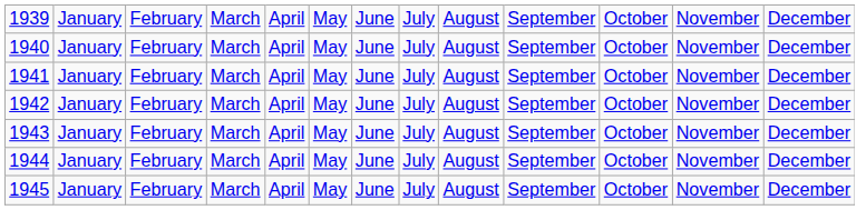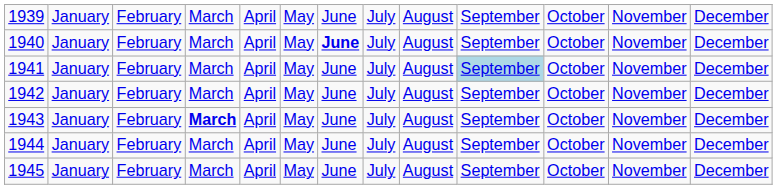 <table class="wikitable">
 <tr>
 <td><a href='#'>1939</a></td>
 <td><a href='#'>January</a></td>
 <td><a href='#'>February</a></td>
 <td><a href='#'>March</a></td>
 <td><a href='#'>April</a></td>
 <td><a href='#'>May</a></td>
 <td><a href='#'>June</a></td>
 <td><a href='#'>July</a></td>
 <td><a href='#'>August</a></td>
 <td><a href='#'>September</a></td>
 <td><a href='#'>October</a></td>
 <td><a href='#'>November</a></td>
 <td><a href='#'>December</a></td>
 </tr>
 <tr>
 <td><a href='#'>1940</a></td>
 <td><a href='#'>January</a></td>
 <td><a href='#'>February</a></td>
 <td><a href='#'>March</a></td>
 <td><a href='#'>April</a></td>
 <td><a href='#'>May</a></td>
-<td><a href='#'>June</a></td>
+<td><strong><a href='#'>June</a></strong></td>
 <td><a href='#'>July</a></td>
 <td><a href='#'>August</a></td>
 <td><a href='#'>September</a></td>
 <td><a href='#'>October</a></td>
 <td><a href='#'>November</a></td>
 <td><a href='#'>December</a></td>
 </tr>
 <tr>
 <td><a href='#'>1941</a></td>
 <td><a href='#'>January</a></td>
 <td><a href='#'>February</a></td>
 <td><a href='#'>March</a></td>
 <td><a href='#'>April</a></td>
 <td><a href='#'>May</a></td>
 <td><a href='#'>June</a></td>
 <td><a href='#'>July</a></td>
 <td><a href='#'>August</a></td>
-<td><a href='#'>September</a></td>
+<td style="background: lightblue;"><a href='#'>September</a></td>
 <td><a href='#'>October</a></td>
 <td><a href='#'>November</a></td>
 <td><a href='#'>December</a></td>
 </tr>
 <tr>
 <td><a href='#'>1942</a></td>
 <td><a href='#'>January</a></td>
 <td><a href='#'>February</a></td>
 <td><a href='#'>March</a></td>
 <td><a href='#'>April</a></td>
 <td><a href='#'>May</a></td>
 <td><a href='#'>June</a></td>
 <td><a href='#'>July</a></td>
 <td><a href='#'>August</a></td>
 <td><a href='#'>September</a></td>
 <td><a href='#'>October</a></td>
 <td><a href='#'>November</a></td>
 <td><a href='#'>December</a></td>
 </tr>
 <tr>
 <td><a href='#'>1943</a></td>
 <td><a href='#'>January</a></td>
 <td><a href='#'>February</a></td>
-<td><a href='#'>March</a></td>
+<td><strong><a href='#'>March</a></strong></td>
 <td><a href='#'>April</a></td>
 <td><a href='#'>May</a></td>
 <td><a href='#'>June</a></td>
 <td><a href='#'>July</a></td>
 <td><a href='#'>August</a></td>
 <td><a href='#'>September</a></td>
 <td><a href='#'>October</a></td>
 <td><a href='#'>November</a></td>
 <td><a href='#'>December</a></td>
 </tr>
 <tr>
 <td><a href='#'>1944</a></td>
 <td><a href='#'>January</a></td>
 <td><a href='#'>February</a></td>
 <td><a href='#'>March</a></td>
 <td><a href='#'>April</a></td>
 <td><a href='#'>May</a></td>
 <td><a href='#'>June</a></td>
 <td><a href='#'>July</a></td>
 <td><a href='#'>August</a></td>
 <td><a href='#'>September</a></td>
 <td><a href='#'>October</a></td>
 <td><a href='#'>November</a></td>
 <td><a href='#'>December</a></td>
 </tr>
 <tr>
 <td><a href='#'>1945</a></td>
 <td><a href='#'>January</a></td>
 <td><a href='#'>February</a></td>
 <td><a href='#'>March</a></td>
 <td><a href='#'>April</a></td>
 <td><a href='#'>May</a></td>
 <td><a href='#'>June</a></td>
 <td><a href='#'>July</a></td>
 <td><a href='#'>August</a></td>
 <td><a href='#'>September</a></td>
 <td><a href='#'>October</a></td>
 <td><a href='#'>November</a></td>
 <td><a href='#'>December</a></td>
 </tr>
 </table>
